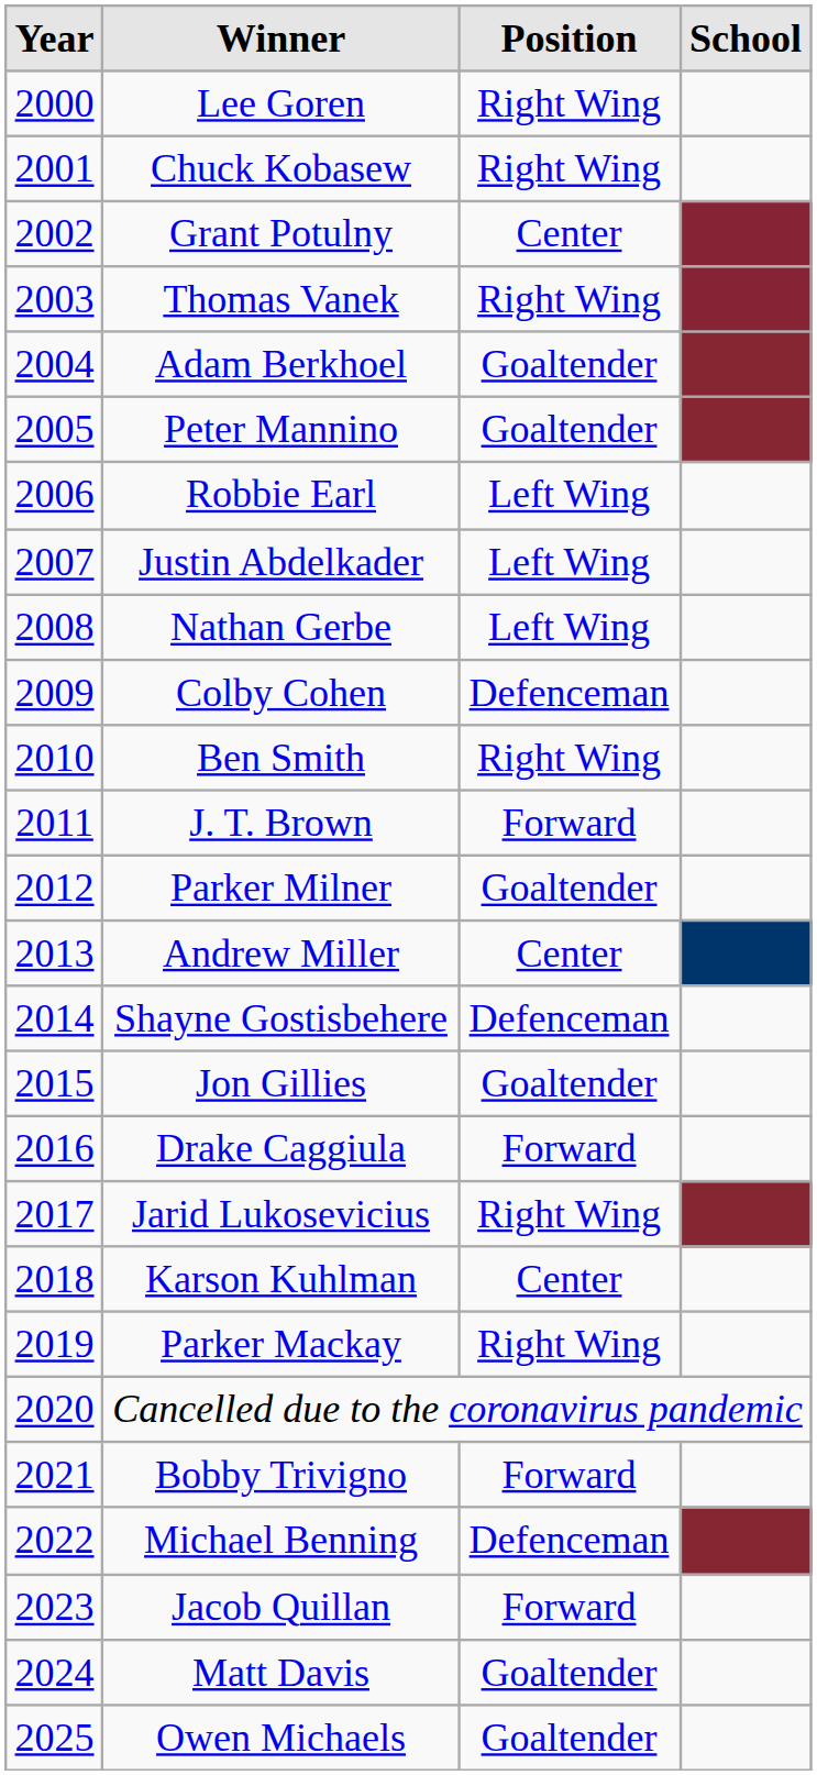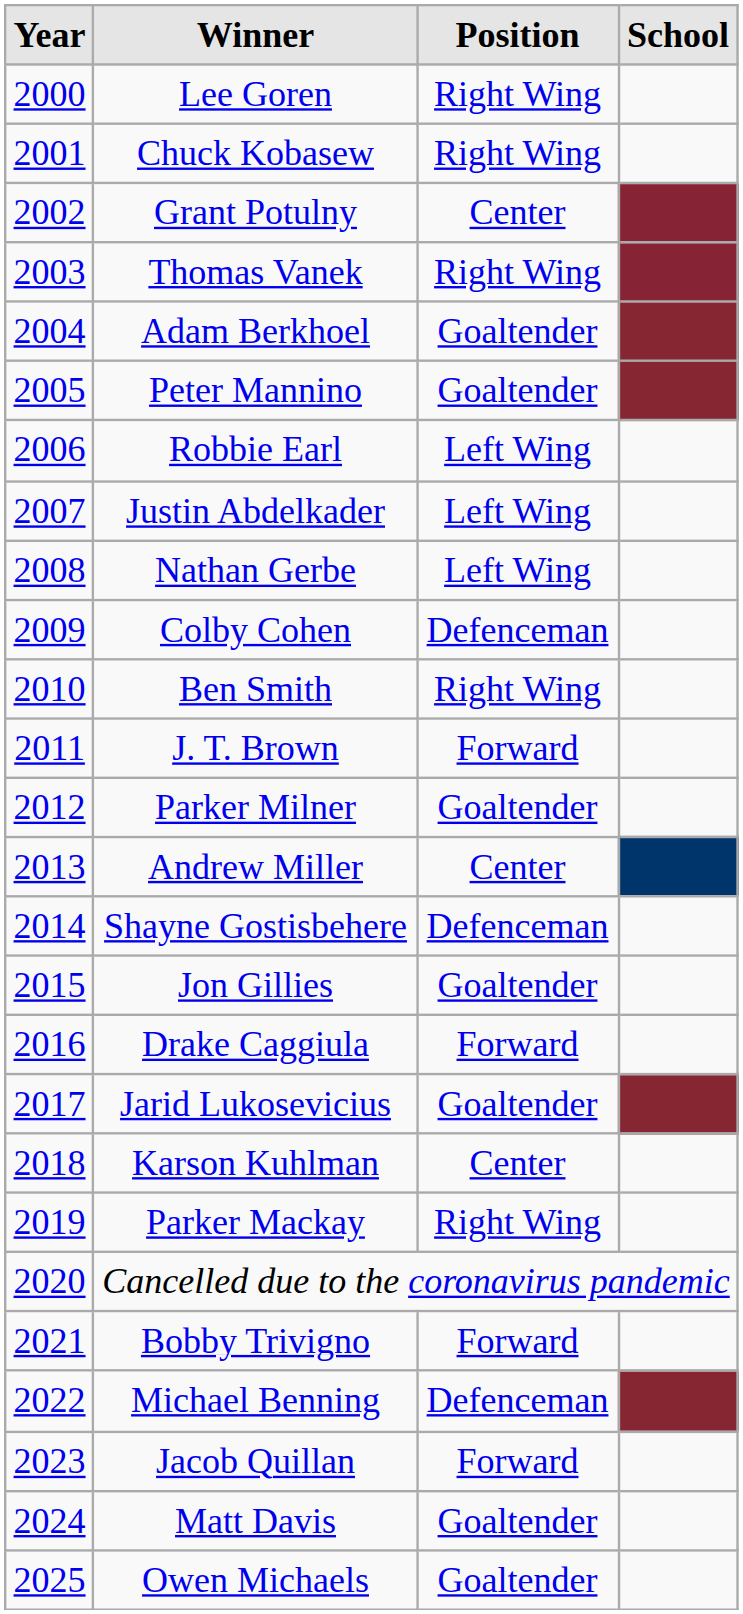 <table class="wikitable sortable" style="font-size: 95%;text-align: center;">
 <tr>
 <th style="background:#e5e5e5;">Year</th>
 <th style="background:#e5e5e5;">Winner</th>
 <th style="background:#e5e5e5;">Position</th>
 <th style="background:#e5e5e5;">School</th>
 </tr>
 <tr>
 <td><a href='#'>2000</a></td>
 <td><a href='#'>Lee Goren</a></td>
 <td><a href='#'>Right Wing</a></td>
 <td><strong><a href='#'></a></strong></td>
 </tr>
 <tr>
 <td><a href='#'>2001</a></td>
 <td><a href='#'>Chuck Kobasew</a></td>
 <td><a href='#'>Right Wing</a></td>
 <td><strong><a href='#'></a></strong></td>
 </tr>
 <tr>
 <td><a href='#'>2002</a></td>
 <td><a href='#'>Grant Potulny</a></td>
 <td><a href='#'>Center</a></td>
 <td style="color:white; background:#862334; "><strong><a href='#'></a></strong></td>
 </tr>
 <tr>
 <td><a href='#'>2003</a></td>
 <td><a href='#'>Thomas Vanek</a></td>
 <td><a href='#'>Right Wing</a></td>
 <td style="color:white; background:#862334; "><strong><a href='#'></a></strong></td>
 </tr>
 <tr>
 <td><a href='#'>2004</a></td>
 <td><a href='#'>Adam Berkhoel</a></td>
 <td><a href='#'>Goaltender</a></td>
 <td style="color:white; background:#862633; "><strong><a href='#'></a></strong></td>
 </tr>
 <tr>
 <td><a href='#'>2005</a></td>
 <td><a href='#'>Peter Mannino</a></td>
 <td><a href='#'>Goaltender</a></td>
 <td style="color:white; background:#862633; "><strong><a href='#'></a></strong></td>
 </tr>
 <tr>
 <td><a href='#'>2006</a></td>
 <td><a href='#'>Robbie Earl</a></td>
 <td><a href='#'>Left Wing</a></td>
 <td><strong><a href='#'></a></strong></td>
 </tr>
 <tr>
 <td><a href='#'>2007</a></td>
 <td><a href='#'>Justin Abdelkader</a></td>
 <td><a href='#'>Left Wing</a></td>
 <td><strong><a href='#'></a></strong></td>
 </tr>
 <tr>
 <td><a href='#'>2008</a></td>
 <td><a href='#'>Nathan Gerbe</a></td>
 <td><a href='#'>Left Wing</a></td>
 <td><strong><a href='#'></a></strong></td>
 </tr>
 <tr>
 <td><a href='#'>2009</a></td>
 <td><a href='#'>Colby Cohen</a></td>
 <td><a href='#'>Defenceman</a></td>
 <td><strong><a href='#'></a></strong></td>
 </tr>
 <tr>
 <td><a href='#'>2010</a></td>
 <td><a href='#'>Ben Smith</a></td>
 <td><a href='#'>Right Wing</a></td>
 <td><strong><a href='#'></a></strong></td>
 </tr>
 <tr>
 <td><a href='#'>2011</a></td>
 <td><a href='#'>J. T. Brown</a></td>
 <td><a href='#'>Forward</a></td>
 <td><strong><a href='#'></a></strong></td>
 </tr>
 <tr>
 <td><a href='#'>2012</a></td>
 <td><a href='#'>Parker Milner</a></td>
 <td><a href='#'>Goaltender</a></td>
 <td><strong><a href='#'></a></strong></td>
 </tr>
 <tr>
 <td><a href='#'>2013</a></td>
 <td><a href='#'>Andrew Miller</a></td>
 <td><a href='#'>Center</a></td>
 <td style="color:white; background:#00356B"><strong><a href='#'></a></strong></td>
 </tr>
 <tr>
 <td><a href='#'>2014</a></td>
 <td><a href='#'>Shayne Gostisbehere</a></td>
 <td><a href='#'>Defenceman</a></td>
 <td><strong><a href='#'></a></strong></td>
 </tr>
 <tr>
 <td><a href='#'>2015</a></td>
 <td><a href='#'>Jon Gillies</a></td>
 <td><a href='#'>Goaltender</a></td>
 <td><strong><a href='#'></a></strong></td>
 </tr>
 <tr>
 <td><a href='#'>2016</a></td>
 <td><a href='#'>Drake Caggiula</a></td>
 <td><a href='#'>Forward</a></td>
 <td><strong><a href='#'></a></strong></td>
 </tr>
 <tr>
 <td><a href='#'>2017</a></td>
 <td><a href='#'>Jarid Lukosevicius</a></td>
-<td><a href='#'>Right Wing</a></td>
+<td><a href='#'>Goaltender</a></td>
 <td style="color:white; background:#862633; "><strong><a href='#'></a></strong></td>
 </tr>
 <tr>
 <td><a href='#'>2018</a></td>
 <td><a href='#'>Karson Kuhlman</a></td>
 <td><a href='#'>Center</a></td>
 <td><strong><a href='#'></a></strong></td>
 </tr>
 <tr>
 <td><a href='#'>2019</a></td>
 <td><a href='#'>Parker Mackay</a></td>
 <td><a href='#'>Right Wing</a></td>
 <td><strong><a href='#'></a></strong></td>
 </tr>
 <tr>
 <td><a href='#'>2020</a></td>
 <td colspan=3><em>Cancelled due to the <a href='#'>coronavirus pandemic</a></em></td>
 </tr>
 <tr>
 <td><a href='#'>2021</a></td>
 <td><a href='#'>Bobby Trivigno</a></td>
 <td><a href='#'>Forward</a></td>
 <td><strong><a href='#'></a></strong></td>
 </tr>
 <tr>
 <td><a href='#'>2022</a></td>
 <td><a href='#'>Michael Benning</a></td>
 <td><a href='#'>Defenceman</a></td>
 <td style="color:white; background:#862633; "><strong><a href='#'></a></strong></td>
 </tr>
 <tr>
 <td><a href='#'>2023</a></td>
 <td><a href='#'>Jacob Quillan</a></td>
 <td><a href='#'>Forward</a></td>
 <td><strong><a href='#'></a></strong></td>
 </tr>
 <tr>
 <td><a href='#'>2024</a></td>
 <td><a href='#'>Matt Davis</a></td>
 <td><a href='#'>Goaltender</a></td>
 <td><strong><a href='#'></a></strong></td>
 </tr>
 <tr>
 <td><a href='#'>2025</a></td>
 <td><a href='#'>Owen Michaels</a></td>
 <td><a href='#'>Goaltender</a></td>
 <td><strong><a href='#'></a></strong></td>
 </tr>
 </table>
